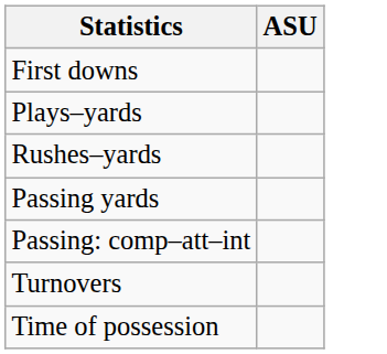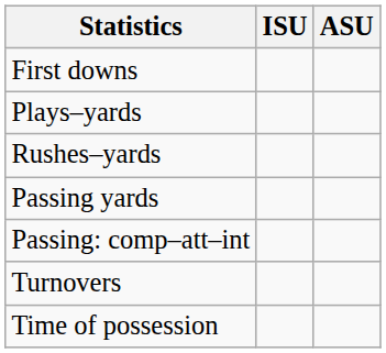 <table class="wikitable" style="float:left">
 <tr>
 <th>Statistics</th>
+<th>ISU</th>
 <th>ASU</th>
 </tr>
 <tr>
 <td>First downs</td>
 <td></td>
+<td></td>
 </tr>
 <tr>
 <td>Plays–yards</td>
+<td></td>
 <td></td>
 </tr>
 <tr>
 <td>Rushes–yards</td>
 <td></td>
+<td></td>
 </tr>
 <tr>
 <td>Passing yards</td>
+<td></td>
 <td></td>
 </tr>
 <tr>
 <td>Passing: comp–att–int</td>
 <td></td>
+<td></td>
 </tr>
 <tr>
 <td>Turnovers</td>
+<td></td>
 <td></td>
 </tr>
 <tr>
 <td>Time of possession</td>
 <td></td>
+<td></td>
 </tr>
 </table>
